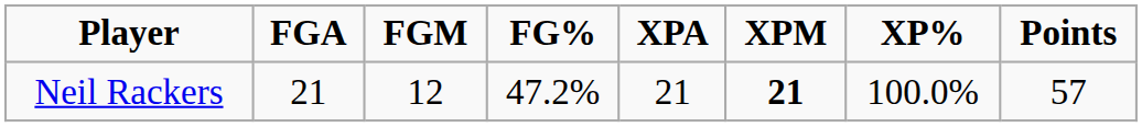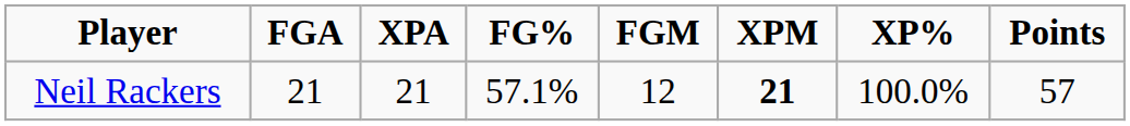 <table class="wikitable" width="80%">
 <tr align="center">
 <td><strong>Player</strong></td>
 <td><strong>FGA</strong></td>
+<td><strong>XPA</strong></td>
+<td><strong>FG%</strong></td>
 <td><strong>FGM</strong></td>
-<td><strong>FG%</strong></td>
-<td><strong>XPA</strong></td>
 <td><strong>XPM</strong></td>
 <td><strong>XP%</strong></td>
 <td><strong>Points</strong></td>
 </tr>
 <tr align="center" bgcolor="">
 <td><a href='#'>Neil Rackers</a></td>
 <td>21</td>
+<td>21</td>
+<td>57.1%</td>
 <td>12</td>
-<td>47.2%</td>
-<td>21</td>
 <td><strong>21</strong></td>
 <td>100.0%</td>
 <td>57</td>
 </tr>
 </table>
